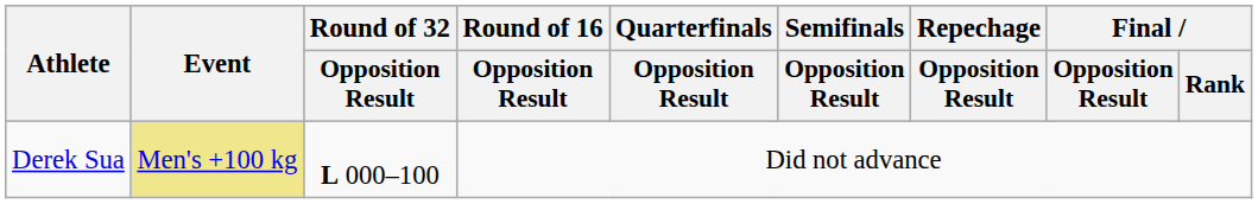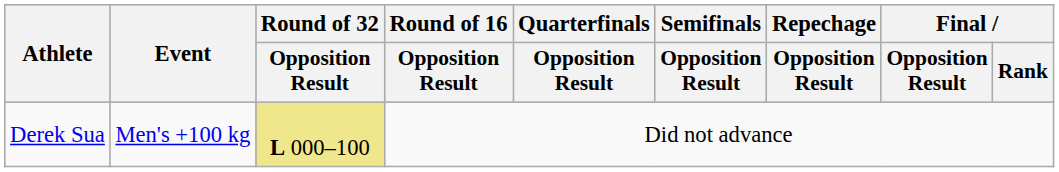 <table class="wikitable" style="font-size:90%">
 <tr>
 <th rowspan="2">Athlete</th>
 <th rowspan="2">Event</th>
 <th>Round of 32</th>
 <th>Round of 16</th>
 <th>Quarterfinals</th>
 <th>Semifinals</th>
 <th>Repechage</th>
 <th colspan=2>Final / </th>
 </tr>
 <tr style="font-size:95%">
 <th>Opposition<br>Result</th>
 <th>Opposition<br>Result</th>
 <th>Opposition<br>Result</th>
 <th>Opposition<br>Result</th>
 <th>Opposition<br>Result</th>
 <th>Opposition<br>Result</th>
 <th>Rank</th>
 </tr>
 <tr align=center>
 <td align=left><a href='#'>Derek Sua</a></td>
-<td align=left style="background: khaki;"><a href='#'>Men's +100 kg</a></td>
-<td><br><strong>L</strong> 000–100</td>
+<td align=left><a href='#'>Men's +100 kg</a></td>
+<td style="background: khaki;"><br><strong>L</strong> 000–100</td>
 <td colspan=6>Did not advance</td>
 </tr>
 </table>
